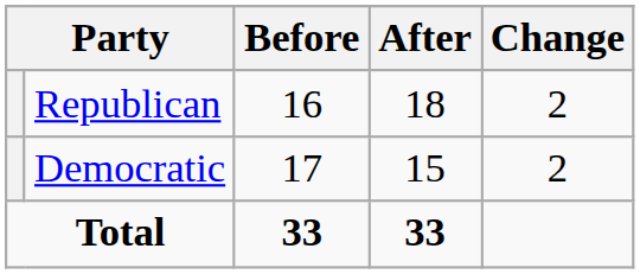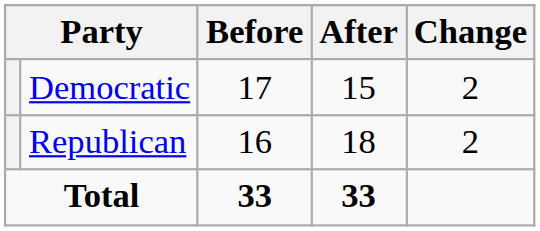 <table class="wikitable" style="text-align:center;">
 <tr>
 </tr>
 <tr>
 <th colspan=2>Party</th>
 <th>Before</th>
 <th>After</th>
 <th>Change</th>
 </tr>
 <tr>
 <th style="background-color:"></th>
-<td style="text-align:left;"><a href='#'>Republican</a></td>
-<td>16</td>
-<td>18</td>
+<td style="text-align:left;"><a href='#'>Democratic</a></td>
+<td>17</td>
+<td>15</td>
 <td> 2</td>
 </tr>
 <tr>
 <th style="background-color:"></th>
-<td style="text-align:left;"><a href='#'>Democratic</a></td>
-<td>17</td>
-<td>15</td>
+<td style="text-align:left;"><a href='#'>Republican</a></td>
+<td>16</td>
+<td>18</td>
 <td> 2</td>
 </tr>
 <tr>
 <td colspan=2><strong>Total</strong></td>
 <td><strong>33</strong></td>
 <td><strong>33</strong></td>
 <td></td>
 </tr>
 </table>
